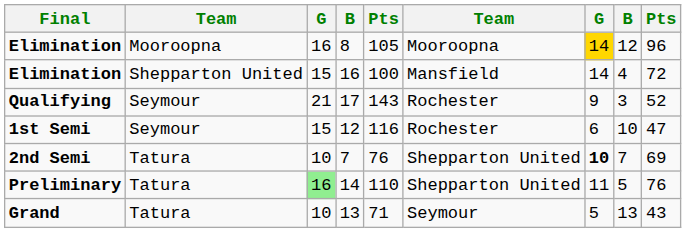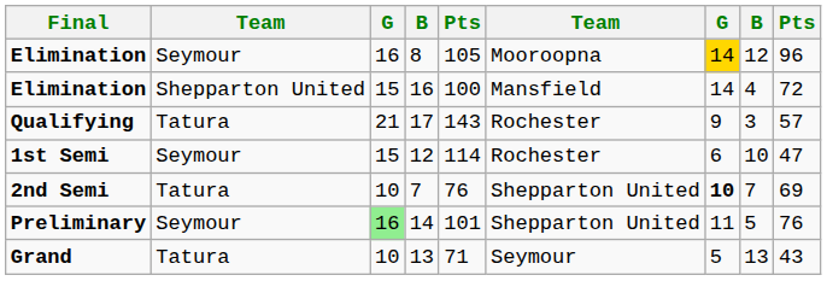 <table class="wikitable"		align" right">
 <tr>
 <th style="color:green">Final</th>
 <th style="color:green">Team</th>
 <th style="color:green">G</th>
 <th style="color:green">B</th>
 <th style="color:green">Pts</th>
 <th style="color:green">Team</th>
 <th style="color:green">G</th>
 <th style="color:green">B</th>
 <th style="color:green">Pts</th>
 </tr>
 <tr>
 <td><strong>Elimination</strong></td>
-<td>Mooroopna</td>
+<td>Seymour</td>
 <td>16</td>
 <td>8</td>
 <td>105</td>
 <td>Mooroopna</td>
 <td style="background: gold;">14</td>
 <td>12</td>
 <td>96</td>
 </tr>
 <tr>
 <td><strong>Elimination</strong></td>
 <td>Shepparton United</td>
 <td>15</td>
 <td>16</td>
 <td>100</td>
 <td>Mansfield</td>
 <td>14</td>
 <td>4</td>
 <td>72</td>
 </tr>
 <tr>
 <td><strong>Qualifying</strong></td>
-<td>Seymour</td>
+<td>Tatura</td>
 <td>21</td>
 <td>17</td>
 <td>143</td>
 <td>Rochester</td>
 <td>9</td>
 <td>3</td>
-<td>52</td>
+<td>57</td>
 </tr>
 <tr>
 <td><strong>1st Semi</strong></td>
 <td>Seymour</td>
 <td>15</td>
 <td>12</td>
-<td>116</td>
+<td>114</td>
 <td>Rochester</td>
 <td>6</td>
 <td>10</td>
 <td>47</td>
 </tr>
 <tr>
 <td><strong>2nd Semi</strong></td>
 <td>Tatura</td>
 <td>10</td>
 <td>7</td>
 <td>76</td>
 <td>Shepparton United</td>
 <td><strong>10</strong></td>
 <td>7</td>
 <td>69</td>
 </tr>
 <tr>
 <td><strong>Preliminary</strong></td>
-<td>Tatura</td>
+<td>Seymour</td>
 <td style="background: lightgreen;">16</td>
 <td>14</td>
-<td>110</td>
+<td>101</td>
 <td>Shepparton United</td>
 <td>11</td>
 <td>5</td>
 <td>76</td>
 </tr>
 <tr>
 <td><strong>Grand</strong></td>
 <td>Tatura</td>
 <td>10</td>
 <td>13</td>
 <td>71</td>
 <td>Seymour</td>
 <td>5</td>
 <td>13</td>
 <td>43</td>
 </tr>
 </table>
